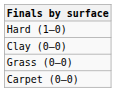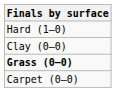 <table class=wikitable style=font-size:97%>
 <tr>
 <th>Finals by surface</th>
 </tr>
 <tr>
 <td>Hard (1–0)</td>
 </tr>
 <tr>
 <td>Clay (0–0)</td>
 </tr>
 <tr>
-<td>Grass (0–0)</td>
+<td><strong>Grass (0–0)</strong></td>
 </tr>
 <tr>
 <td>Carpet (0–0)</td>
 </tr>
 </table>
